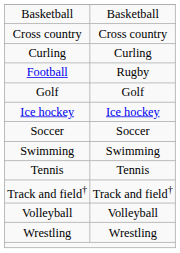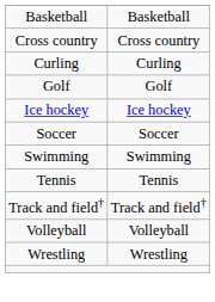 <table class="wikitable floatleft" style="text-align:center">
 <tr>
 </tr>
 <tr>
 <td>Basketball</td>
 <td>Basketball</td>
 </tr>
 <tr>
 <td>Cross country</td>
 <td>Cross country</td>
 </tr>
 <tr>
 <td>Curling</td>
 <td>Curling</td>
-</tr>
-<tr>
-<td><a href='#'>Football</a></td>
-<td>Rugby</td>
 </tr>
 <tr>
 <td>Golf</td>
 <td>Golf</td>
 </tr>
 <tr>
 <td><a href='#'>Ice hockey</a></td>
 <td><a href='#'>Ice hockey</a></td>
 </tr>
 <tr>
 <td>Soccer</td>
 <td>Soccer</td>
 </tr>
 <tr>
 <td>Swimming</td>
 <td>Swimming</td>
 </tr>
 <tr>
 <td>Tennis</td>
 <td>Tennis</td>
 </tr>
 <tr>
 <td>Track and field<sup>†</sup></td>
 <td>Track and field<sup>†</sup></td>
 </tr>
 <tr>
 <td>Volleyball</td>
 <td>Volleyball</td>
 </tr>
 <tr>
 <td>Wrestling</td>
 <td>Wrestling</td>
 </tr>
 <tr>
 <td colspan="2"></td>
 </tr>
 </table>
